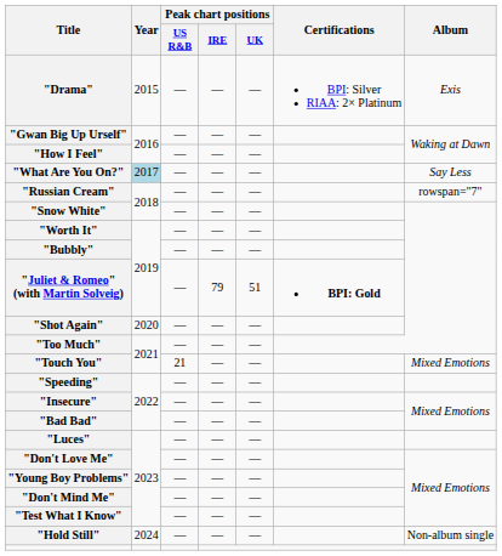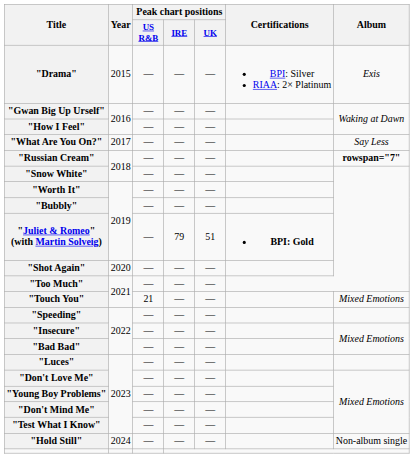 <table class="wikitable plainrowheaders" style="text-align:center;">
 <tr>
 <th rowspan="2">Title</th>
 <th rowspan="2">Year</th>
 <th colspan="3">Peak chart positions</th>
 <th rowspan="2">Certifications</th>
 <th rowspan="2">Album</th>
 </tr>
 <tr>
 <th scope="col" style="width:3em;font-size:90%;"><a href='#'>US<br>R&B</a><br></th>
 <th scope="col" style="width:3em;font-size:90%;"><a href='#'>IRE</a><br></th>
 <th scope="col" style="width:3em;font-size:90%;"><a href='#'>UK</a><br></th>
 </tr>
 <tr>
 <th scope="row">"Drama"<br></th>
 <td>2015</td>
 <td>—</td>
 <td>—</td>
 <td>—</td>
 <td><br><ul><li><a href='#'>BPI</a>: Silver</li><li><a href='#'>RIAA</a>: 2× Platinum</li></ul></td>
 <td><em>Exis</em></td>
 </tr>
 <tr>
 <th scope="row">"Gwan Big Up Urself"</th>
 <td rowspan="2">2016</td>
 <td>—</td>
 <td>—</td>
 <td>—</td>
 <td></td>
 <td rowspan="2"><em>Waking at Dawn</em></td>
 </tr>
 <tr>
 <th scope="row">"How I Feel"</th>
 <td>—</td>
 <td>—</td>
 <td>—</td>
 <td></td>
 </tr>
 <tr>
 <th scope="row">"What Are You On?"</th>
-<td style="background: lightblue;">2017</td>
+<td>2017</td>
 <td>—</td>
 <td>—</td>
 <td>—</td>
 <td></td>
 <td><em>Say Less</em></td>
 </tr>
 <tr>
 <th scope="row">"Russian Cream"</th>
 <td rowspan="2">2018</td>
 <td>—</td>
 <td>—</td>
 <td>—</td>
 <td></td>
-<td>rowspan="7" </td>
+<td><strong>rowspan="7" </strong></td>
 </tr>
 <tr>
 <th scope="row">"Snow White"</th>
 <td>—</td>
 <td>—</td>
 <td>—</td>
 <td></td>
 </tr>
 <tr>
 <th scope="row">"Worth It"</th>
 <td rowspan="3">2019</td>
 <td>—</td>
 <td>—</td>
 <td>—</td>
 <td></td>
 </tr>
 <tr>
 <th scope="row">"Bubbly"</th>
 <td>—</td>
 <td>—</td>
 <td>—</td>
 <td></td>
 </tr>
 <tr>
 <th scope="row">"<a href='#'>Juliet & Romeo</a>"<br><span>(with <a href='#'>Martin Solveig</a>)</span></th>
 <td>—</td>
 <td>79</td>
 <td>51</td>
 <td><strong><br><ul><li>BPI: Gold</li></ul></strong></td>
 </tr>
 <tr>
 <th scope="row">"Shot Again"</th>
 <td>2020</td>
 <td>—</td>
 <td>—</td>
 <td>—</td>
 <td></td>
 </tr>
 <tr>
 <th scope="row">"Too Much"<br></th>
 <td rowspan="2">2021</td>
 <td>—</td>
 <td>—</td>
 <td>—</td>
 </tr>
 <tr>
 <th scope="row">"Touch You"</th>
 <td>21</td>
 <td>—</td>
 <td>—</td>
 <td></td>
 <td><em>Mixed Emotions</em></td>
 </tr>
 <tr>
 <th scope="row">"Speeding"</th>
 <td rowspan="3">2022</td>
 <td>—</td>
 <td>—</td>
 <td>—</td>
 <td></td>
 <td></td>
 </tr>
 <tr>
 <th scope="row">"Insecure"</th>
 <td>—</td>
 <td>—</td>
 <td>—</td>
 <td></td>
 <td rowspan="2"><em>Mixed Emotions</em></td>
 </tr>
 <tr>
 <th scope="row">"Bad Bad"</th>
 <td>—</td>
 <td>—</td>
 <td>—</td>
 <td></td>
 </tr>
 <tr>
 <th scope="row">"Luces"<br></th>
 <td rowspan="5">2023</td>
 <td>—</td>
 <td>—</td>
 <td>—</td>
 <td></td>
 <td></td>
 </tr>
 <tr>
 <th scope="row">"Don't Love Me"</th>
 <td>—</td>
 <td>—</td>
 <td>—</td>
 <td></td>
 <td rowspan="4"><em>Mixed Emotions</em></td>
 </tr>
 <tr>
 <th scope="row">"Young Boy Problems"</th>
 <td>—</td>
 <td>—</td>
 <td>—</td>
 <td></td>
 </tr>
 <tr>
 <th scope="row">"Don't Mind Me"</th>
 <td>—</td>
 <td>—</td>
 <td>—</td>
 <td></td>
 </tr>
 <tr>
 <th scope="row">"Test What I Know"</th>
 <td>—</td>
 <td>—</td>
 <td>—</td>
 <td></td>
 </tr>
 <tr>
 <th>"Hold Still"</th>
 <td>2024</td>
 <td>—</td>
 <td>—</td>
 <td>—</td>
 <td></td>
 <td>Non-album single</td>
 </tr>
 <tr>
 <td></td>
 <td></td>
 <td></td>
 </tr>
 </table>
